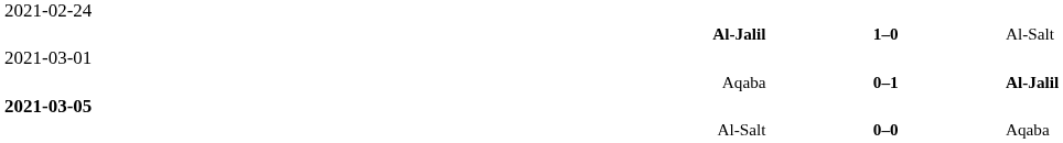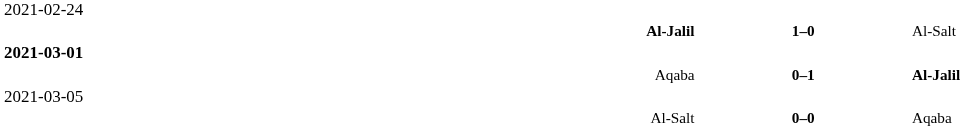 <table width="100%" cellspacing="1">
 <tr>
 <td>2021-02-24</td>
 </tr>
 <tr style="font-size:90%">
 <td align="right"><strong>Al-Jalil</strong></td>
 <td align="center"><strong>1–0</strong></td>
 <td>Al-Salt</td>
 </tr>
 <tr>
-<td>2021-03-01</td>
+<td><strong>2021-03-01</strong></td>
 </tr>
 <tr style="font-size:90%">
 <td align="right">Aqaba</td>
 <td align="center"><strong>0–1</strong></td>
 <td><strong>Al-Jalil</strong></td>
 </tr>
 <tr>
-<td><strong>2021-03-05</strong></td>
+<td>2021-03-05</td>
 </tr>
 <tr style="font-size:90%">
 <td align="right">Al-Salt</td>
 <td align="center"><strong>0–0</strong></td>
 <td>Aqaba</td>
 </tr>
 </table>
